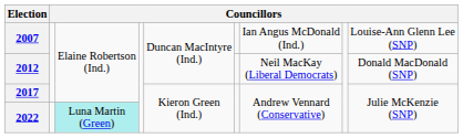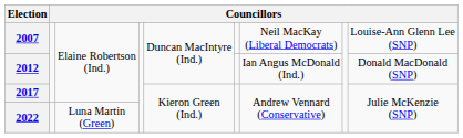 <table class="wikitable" style="text-align:center">
 <tr>
 <th>Election</th>
 <th colspan=8>Councillors</th>
 </tr>
 <tr>
 <th><a href='#'>2007</a></th>
 <td rowspan=3; style="background-color: "></td>
 <td rowspan=3>Elaine Robertson<br>(Ind.)</td>
 <td rowspan=4; style="background-color: "></td>
 <td rowspan=2>Duncan MacIntyre<br>(Ind.)</td>
 <td rowspan=1; style="background-color: "></td>
-<td rowspan=1>Ian Angus McDonald<br>(Ind.)</td>
+<td rowspan=1>Neil MacKay<br>(<a href='#'>Liberal Democrats</a>)</td>
 <td rowspan=4; style="background-color: "></td>
 <td rowspan=1>Louise-Ann Glenn Lee<br>(<a href='#'>SNP</a>)</td>
 </tr>
 <tr>
 <th><a href='#'>2012</a></th>
 <td rowspan=1; style="background-color: "></td>
-<td rowspan=1>Neil MacKay<br>(<a href='#'>Liberal Democrats</a>)</td>
+<td rowspan=1>Ian Angus McDonald<br>(Ind.)</td>
 <td rowspan=1>Donald MacDonald<br>(<a href='#'>SNP</a>)</td>
 </tr>
 <tr>
 <th><a href='#'>2017</a></th>
 <td rowspan=2>Kieron Green<br>(Ind.)</td>
 <td rowspan=3; style="background-color: "></td>
 <td rowspan=2>Andrew Vennard<br>(<a href='#'>Conservative</a>)</td>
 <td rowspan=2>Julie McKenzie<br>(<a href='#'>SNP</a>)</td>
 </tr>
 <tr>
 <th><a href='#'>2022</a></th>
 <td rowspan=1; style="background-color: "></td>
-<td rowspan=1 style="background: paleturquoise;">Luna Martin<br>(<a href='#'>Green</a>)</td>
+<td rowspan=1>Luna Martin<br>(<a href='#'>Green</a>)</td>
 </tr>
 </table>
